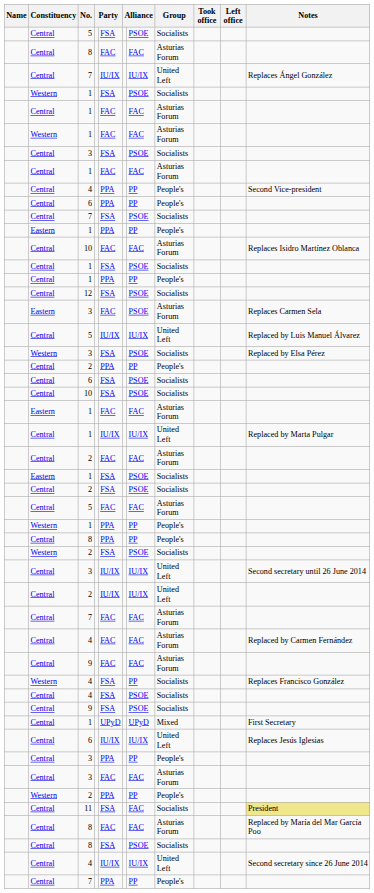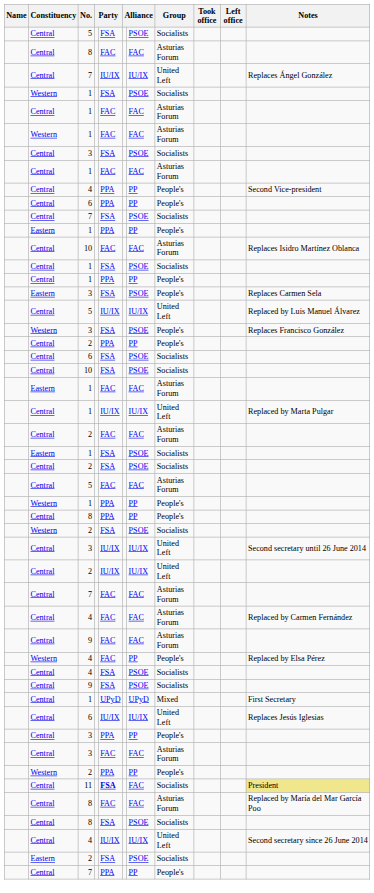 <table class="wikitable plainrowheaders sortable" style="font-size:85%; text-align:left;">
 <tr>
 <th scope=col>Name</th>
 <th scope=col>Constituency</th>
 <th scope=col>No.</th>
 <th scope=col colspan="2">Party</th>
 <th scope=col colspan="2">Alliance</th>
 <th scope=col>Group</th>
 <th scope=col>Took office</th>
 <th scope=col>Left office</th>
 <th scope=col width="200">Notes</th>
 </tr>
 <tr>
 <td></td>
 <td><a href='#'>Central</a></td>
 <td align=right>5</td>
 <td style="width:0.5px;background:"></td>
 <td><a href='#'>FSA</a></td>
 <td style="width:0.5px;background:"></td>
 <td><a href='#'>PSOE</a></td>
 <td>Socialists</td>
 <td align=center></td>
 <td align=center></td>
 <td></td>
 </tr>
 <tr>
 <td></td>
 <td><a href='#'>Central</a></td>
 <td align=right>8</td>
 <td style="background:"></td>
 <td><a href='#'>FAC</a></td>
 <td style="background:"></td>
 <td><a href='#'>FAC</a></td>
 <td>Asturias Forum</td>
 <td align=center></td>
 <td align=center></td>
 <td></td>
 </tr>
 <tr>
 <td></td>
 <td><a href='#'>Central</a></td>
 <td align=right>7</td>
 <td style="background:"></td>
 <td><a href='#'>IU/IX</a></td>
 <td style="background:"></td>
 <td><a href='#'>IU/IX</a></td>
 <td>United Left</td>
 <td align=center></td>
 <td align=center></td>
 <td>Replaces Ángel González</td>
 </tr>
 <tr>
 <td></td>
 <td><a href='#'>Western</a></td>
 <td align=right>1</td>
 <td style="background:"></td>
 <td><a href='#'>FSA</a></td>
 <td style="background:"></td>
 <td><a href='#'>PSOE</a></td>
 <td>Socialists</td>
 <td align=center></td>
 <td align=center></td>
 <td></td>
 </tr>
 <tr>
 <td></td>
 <td><a href='#'>Central</a></td>
 <td align=right>1</td>
 <td style="background:"></td>
 <td><a href='#'>FAC</a></td>
 <td style="background:"></td>
 <td><a href='#'>FAC</a></td>
 <td>Asturias Forum</td>
 <td align=center></td>
 <td align=center></td>
 <td></td>
 </tr>
 <tr>
 <td></td>
 <td><a href='#'>Western</a></td>
 <td align=right>1</td>
 <td style="background:"></td>
 <td><a href='#'>FAC</a></td>
 <td style="background:"></td>
 <td><a href='#'>FAC</a></td>
 <td>Asturias Forum</td>
 <td align=center></td>
 <td align=center></td>
 <td></td>
 </tr>
 <tr>
 <td></td>
 <td><a href='#'>Central</a></td>
 <td align=right>3</td>
 <td style="background:"></td>
 <td><a href='#'>FSA</a></td>
 <td style="background:"></td>
 <td><a href='#'>PSOE</a></td>
 <td>Socialists</td>
 <td align=center></td>
 <td align=center></td>
 <td></td>
 </tr>
 <tr>
 <td></td>
 <td><a href='#'>Central</a></td>
 <td align=right>1</td>
 <td style="background:"></td>
 <td><a href='#'>FAC</a></td>
 <td style="background:"></td>
 <td><a href='#'>FAC</a></td>
 <td>Asturias Forum</td>
 <td align=center></td>
 <td align=center></td>
 <td></td>
 </tr>
 <tr>
 <td></td>
 <td><a href='#'>Central</a></td>
 <td align=right>4</td>
 <td style="background:"></td>
 <td><a href='#'>PPA</a></td>
 <td style="background:"></td>
 <td><a href='#'>PP</a></td>
 <td>People's</td>
 <td align=center></td>
 <td align=center></td>
 <td>Second Vice-president</td>
 </tr>
 <tr>
 <td></td>
 <td><a href='#'>Central</a></td>
 <td align=right>6</td>
 <td style="background:"></td>
 <td><a href='#'>PPA</a></td>
 <td style="background:"></td>
 <td><a href='#'>PP</a></td>
 <td>People's</td>
 <td align=center></td>
 <td align=center></td>
 <td></td>
 </tr>
 <tr>
 <td></td>
 <td><a href='#'>Central</a></td>
 <td align=right>7</td>
 <td style="background:"></td>
 <td><a href='#'>FSA</a></td>
 <td style="background:"></td>
 <td><a href='#'>PSOE</a></td>
 <td>Socialists</td>
 <td align=center></td>
 <td align=center></td>
 <td></td>
 </tr>
 <tr>
 <td></td>
 <td><a href='#'>Eastern</a></td>
 <td align=right>1</td>
 <td style="background:"></td>
 <td><a href='#'>PPA</a></td>
 <td style="background:"></td>
 <td><a href='#'>PP</a></td>
 <td>People's</td>
 <td align=center></td>
 <td align=center></td>
 <td></td>
 </tr>
 <tr>
 <td></td>
 <td><a href='#'>Central</a></td>
 <td align=right>10</td>
 <td style="background:"></td>
 <td><a href='#'>FAC</a></td>
 <td style="background:"></td>
 <td><a href='#'>FAC</a></td>
 <td>Asturias Forum</td>
 <td align=center></td>
 <td align=center></td>
 <td>Replaces Isidro Martínez Oblanca</td>
 </tr>
 <tr>
 <td></td>
 <td><a href='#'>Central</a></td>
 <td align=right>1</td>
 <td style="background:"></td>
 <td><a href='#'>FSA</a></td>
 <td style="background:"></td>
 <td><a href='#'>PSOE</a></td>
 <td>Socialists</td>
 <td align=center></td>
 <td align=center></td>
 <td></td>
 </tr>
 <tr>
 <td></td>
 <td><a href='#'>Central</a></td>
 <td align=right>1</td>
 <td style="background:"></td>
 <td><a href='#'>PPA</a></td>
 <td style="background:"></td>
 <td><a href='#'>PP</a></td>
 <td>People's</td>
 <td align=center></td>
 <td align=center></td>
 <td></td>
 </tr>
 <tr>
 <td></td>
-<td><a href='#'>Central</a></td>
-<td align=right>12</td>
+<td><a href='#'>Eastern</a></td>
+<td align=right>3</td>
 <td style="background:"></td>
 <td><a href='#'>FSA</a></td>
 <td style="background:"></td>
 <td><a href='#'>PSOE</a></td>
-<td>Socialists</td>
-<td align=center></td>
-<td align=center></td>
-<td></td>
-</tr>
-<tr>
-<td></td>
-<td><a href='#'>Eastern</a></td>
-<td align=right>3</td>
-<td style="background:"></td>
-<td><a href='#'>FAC</a></td>
-<td style="background:"></td>
-<td><a href='#'>PSOE</a></td>
-<td>Asturias Forum</td>
+<td>People's</td>
 <td align=center></td>
 <td align=center></td>
 <td>Replaces Carmen Sela</td>
 </tr>
 <tr>
 <td></td>
 <td><a href='#'>Central</a></td>
 <td align=right>5</td>
 <td style="background:"></td>
 <td><a href='#'>IU/IX</a></td>
 <td style="background:"></td>
 <td><a href='#'>IU/IX</a></td>
 <td>United Left</td>
 <td align=center></td>
 <td align=center></td>
 <td>Replaced by Luis Manuel Álvarez</td>
 </tr>
 <tr>
 <td></td>
 <td><a href='#'>Western</a></td>
 <td align=right>3</td>
 <td style="background:"></td>
 <td><a href='#'>FSA</a></td>
 <td style="background:"></td>
 <td><a href='#'>PSOE</a></td>
-<td>Socialists</td>
+<td>People's</td>
 <td align=center></td>
 <td align=center></td>
-<td>Replaced by Elsa Pérez</td>
+<td>Replaces Francisco González</td>
 </tr>
 <tr>
 <td></td>
 <td><a href='#'>Central</a></td>
 <td align=right>2</td>
 <td style="background:"></td>
 <td><a href='#'>PPA</a></td>
 <td style="background:"></td>
 <td><a href='#'>PP</a></td>
 <td>People's</td>
 <td align=center></td>
 <td align=center></td>
 <td></td>
 </tr>
 <tr>
 <td></td>
 <td><a href='#'>Central</a></td>
 <td align=right>6</td>
 <td style="background:"></td>
 <td><a href='#'>FSA</a></td>
 <td style="background:"></td>
 <td><a href='#'>PSOE</a></td>
 <td>Socialists</td>
 <td align=center></td>
 <td align=center></td>
 <td></td>
 </tr>
 <tr>
 <td></td>
 <td><a href='#'>Central</a></td>
 <td align=right>10</td>
 <td style="background:"></td>
 <td><a href='#'>FSA</a></td>
 <td style="background:"></td>
 <td><a href='#'>PSOE</a></td>
 <td>Socialists</td>
 <td align=center></td>
 <td align=center></td>
 <td></td>
 </tr>
 <tr>
 <td></td>
 <td><a href='#'>Eastern</a></td>
 <td align=right>1</td>
 <td style="background:"></td>
 <td><a href='#'>FAC</a></td>
 <td style="background:"></td>
 <td><a href='#'>FAC</a></td>
 <td>Asturias Forum</td>
 <td align=center></td>
 <td align=center></td>
 <td></td>
 </tr>
 <tr>
 <td></td>
 <td><a href='#'>Central</a></td>
 <td align=right>1</td>
 <td style="background:"></td>
 <td><a href='#'>IU/IX</a></td>
 <td style="background:"></td>
 <td><a href='#'>IU/IX</a></td>
 <td>United Left</td>
 <td align=center></td>
 <td align=center></td>
 <td>Replaced by Marta Pulgar</td>
 </tr>
 <tr>
 <td></td>
 <td><a href='#'>Central</a></td>
 <td align=right>2</td>
 <td style="background:"></td>
 <td><a href='#'>FAC</a></td>
 <td style="background:"></td>
 <td><a href='#'>FAC</a></td>
 <td>Asturias Forum</td>
 <td align=center></td>
 <td align=center></td>
 <td></td>
 </tr>
 <tr>
 <td></td>
 <td><a href='#'>Eastern</a></td>
 <td align=right>1</td>
 <td style="background:"></td>
 <td><a href='#'>FSA</a></td>
 <td style="background:"></td>
 <td><a href='#'>PSOE</a></td>
 <td>Socialists</td>
 <td align=center></td>
 <td align=center></td>
 <td></td>
 </tr>
 <tr>
 <td></td>
 <td><a href='#'>Central</a></td>
 <td align=right>2</td>
 <td style="background:"></td>
 <td><a href='#'>FSA</a></td>
 <td style="background:"></td>
 <td><a href='#'>PSOE</a></td>
 <td>Socialists</td>
 <td align=center></td>
 <td align=center></td>
 <td></td>
 </tr>
 <tr>
 <td></td>
 <td><a href='#'>Central</a></td>
 <td align=right>5</td>
 <td style="background:"></td>
 <td><a href='#'>FAC</a></td>
 <td style="background:"></td>
 <td><a href='#'>FAC</a></td>
 <td>Asturias Forum</td>
 <td align=center></td>
 <td align=center></td>
 <td></td>
 </tr>
 <tr>
 <td></td>
 <td><a href='#'>Western</a></td>
 <td align=right>1</td>
 <td style="background:"></td>
 <td><a href='#'>PPA</a></td>
 <td style="background:"></td>
 <td><a href='#'>PP</a></td>
 <td>People's</td>
 <td align=center></td>
 <td align=center></td>
 <td></td>
 </tr>
 <tr>
 <td></td>
 <td><a href='#'>Central</a></td>
 <td align=right>8</td>
 <td style="background:"></td>
 <td><a href='#'>PPA</a></td>
 <td style="background:"></td>
 <td><a href='#'>PP</a></td>
 <td>People's</td>
 <td align=center></td>
 <td align=center></td>
 <td></td>
 </tr>
 <tr>
 <td></td>
 <td><a href='#'>Western</a></td>
 <td align=right>2</td>
 <td style="background:"></td>
 <td><a href='#'>FSA</a></td>
 <td style="background:"></td>
 <td><a href='#'>PSOE</a></td>
 <td>Socialists</td>
 <td align=center></td>
 <td align=center></td>
 <td></td>
 </tr>
 <tr>
 <td></td>
 <td><a href='#'>Central</a></td>
 <td align=right>3</td>
 <td style="background:"></td>
 <td><a href='#'>IU/IX</a></td>
 <td style="background:"></td>
 <td><a href='#'>IU/IX</a></td>
 <td>United Left</td>
 <td align=center></td>
 <td align=center></td>
 <td>Second secretary until 26 June 2014</td>
 </tr>
 <tr>
 <td></td>
 <td><a href='#'>Central</a></td>
 <td align=right>2</td>
 <td style="background:"></td>
 <td><a href='#'>IU/IX</a></td>
 <td style="background:"></td>
 <td><a href='#'>IU/IX</a></td>
 <td>United Left</td>
 <td align=center></td>
 <td align=center></td>
 <td></td>
 </tr>
 <tr>
 <td></td>
 <td><a href='#'>Central</a></td>
 <td align=right>7</td>
 <td style="background:"></td>
 <td><a href='#'>FAC</a></td>
 <td style="background:"></td>
 <td><a href='#'>FAC</a></td>
 <td>Asturias Forum</td>
 <td align=center></td>
 <td align=center></td>
 <td></td>
 </tr>
 <tr>
 <td></td>
 <td><a href='#'>Central</a></td>
 <td align=right>4</td>
 <td style="background:"></td>
 <td><a href='#'>FAC</a></td>
 <td style="background:"></td>
 <td><a href='#'>FAC</a></td>
 <td>Asturias Forum</td>
 <td align=center></td>
 <td align=center></td>
 <td>Replaced by Carmen Fernández</td>
 </tr>
 <tr>
 <td></td>
 <td><a href='#'>Central</a></td>
 <td align=right>9</td>
 <td style="background:"></td>
 <td><a href='#'>FAC</a></td>
 <td style="background:"></td>
 <td><a href='#'>FAC</a></td>
 <td>Asturias Forum</td>
 <td align=center></td>
 <td align=center></td>
 <td></td>
 </tr>
 <tr>
 <td></td>
 <td><a href='#'>Western</a></td>
 <td align=right>4</td>
 <td style="background:"></td>
-<td><a href='#'>FSA</a></td>
+<td><a href='#'>FAC</a></td>
 <td style="background:"></td>
 <td><a href='#'>PP</a></td>
-<td>Socialists</td>
+<td>People's</td>
 <td align=center></td>
 <td align=center></td>
-<td>Replaces Francisco González</td>
+<td>Replaced by Elsa Pérez</td>
 </tr>
 <tr>
 <td></td>
 <td><a href='#'>Central</a></td>
 <td align=right>4</td>
 <td style="background:"></td>
 <td><a href='#'>FSA</a></td>
 <td style="background:"></td>
 <td><a href='#'>PSOE</a></td>
 <td>Socialists</td>
 <td align=center></td>
 <td align=center></td>
 <td></td>
 </tr>
 <tr>
 <td></td>
 <td><a href='#'>Central</a></td>
 <td align=right>9</td>
 <td style="background:"></td>
 <td><a href='#'>FSA</a></td>
 <td style="background:"></td>
 <td><a href='#'>PSOE</a></td>
 <td>Socialists</td>
 <td align=center></td>
 <td align=center></td>
 <td></td>
 </tr>
 <tr>
 <td></td>
 <td><a href='#'>Central</a></td>
 <td align=right>1</td>
 <td style="background:"></td>
 <td><a href='#'>UPyD</a></td>
 <td style="background:"></td>
 <td><a href='#'>UPyD</a></td>
 <td>Mixed</td>
 <td align=center></td>
 <td align=center></td>
 <td>First Secretary</td>
 </tr>
 <tr>
 <td></td>
 <td><a href='#'>Central</a></td>
 <td align=right>6</td>
 <td style="background:"></td>
 <td><a href='#'>IU/IX</a></td>
 <td style="background:"></td>
 <td><a href='#'>IU/IX</a></td>
 <td>United Left</td>
 <td align=center></td>
 <td align=center></td>
 <td>Replaces Jesús Iglesias</td>
 </tr>
 <tr>
 <td></td>
 <td><a href='#'>Central</a></td>
 <td align=right>3</td>
 <td style="background:"></td>
 <td><a href='#'>PPA</a></td>
 <td style="background:"></td>
 <td><a href='#'>PP</a></td>
 <td>People's</td>
 <td align=center></td>
 <td align=center></td>
 <td></td>
 </tr>
 <tr>
 <td></td>
 <td><a href='#'>Central</a></td>
 <td align=right>3</td>
 <td style="background:"></td>
 <td><a href='#'>FAC</a></td>
 <td style="background:"></td>
 <td><a href='#'>FAC</a></td>
 <td>Asturias Forum</td>
 <td align=center></td>
 <td align=center></td>
 <td></td>
 </tr>
 <tr>
 <td></td>
 <td><a href='#'>Western</a></td>
 <td align=right>2</td>
 <td style="background:"></td>
 <td><a href='#'>PPA</a></td>
 <td style="background:"></td>
 <td><a href='#'>PP</a></td>
 <td>People's</td>
 <td align=center></td>
 <td align=center></td>
 <td></td>
 </tr>
 <tr>
 <td></td>
 <td><a href='#'>Central</a></td>
 <td align=right>11</td>
 <td style="background:"></td>
-<td><a href='#'>FSA</a></td>
+<td><strong><a href='#'>FSA</a></strong></td>
 <td style="background:"></td>
 <td><a href='#'>FAC</a></td>
 <td>Socialists</td>
 <td align=center></td>
 <td align=center></td>
 <td style="background: khaki;">President</td>
 </tr>
 <tr>
 <td></td>
 <td><a href='#'>Central</a></td>
 <td align=right>8</td>
 <td style="background:"></td>
 <td><a href='#'>FAC</a></td>
 <td style="background:"></td>
 <td><a href='#'>FAC</a></td>
 <td>Asturias Forum</td>
 <td align=center></td>
 <td align=center></td>
 <td>Replaced by María del Mar García Poo</td>
 </tr>
 <tr>
 <td></td>
 <td><a href='#'>Central</a></td>
 <td align=right>8</td>
 <td style="background:"></td>
 <td><a href='#'>FSA</a></td>
 <td style="background:"></td>
 <td><a href='#'>PSOE</a></td>
 <td>Socialists</td>
 <td align=center></td>
 <td align=center></td>
 <td></td>
 </tr>
 <tr>
 <td></td>
 <td><a href='#'>Central</a></td>
 <td align=right>4</td>
 <td style="background:"></td>
 <td><a href='#'>IU/IX</a></td>
 <td style="background:"></td>
 <td><a href='#'>IU/IX</a></td>
 <td>United Left</td>
 <td align=center></td>
 <td align=center></td>
 <td>Second secretary since 26 June 2014</td>
 </tr>
 <tr>
 <td></td>
+<td><a href='#'>Eastern</a></td>
+<td align=right>2</td>
+<td style="background:"></td>
+<td><a href='#'>FSA</a></td>
+<td style="background:"></td>
+<td><a href='#'>PSOE</a></td>
+<td>Socialists</td>
+<td align=center></td>
+<td align=center></td>
+<td></td>
+</tr>
+<tr>
+<td></td>
 <td><a href='#'>Central</a></td>
 <td align=right>7</td>
 <td style="background:"></td>
 <td><a href='#'>PPA</a></td>
 <td style="background:"></td>
 <td><a href='#'>PP</a></td>
 <td>People's</td>
 <td align=center></td>
 <td align=center></td>
 <td></td>
 </tr>
 </table>
